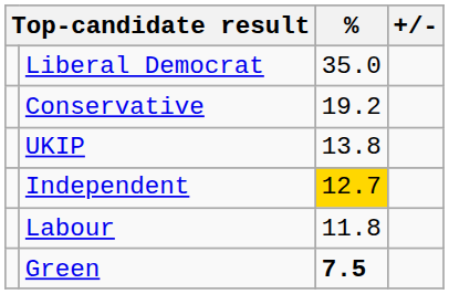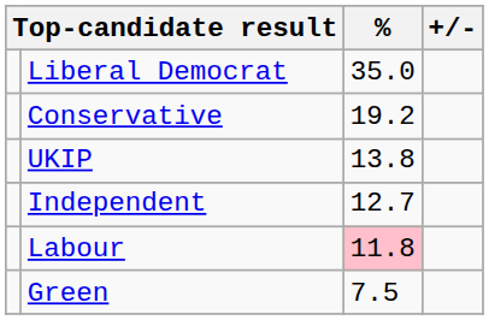 <table class="wikitable">
 <tr>
 <th colspan="2">Top-candidate result</th>
 <th>%</th>
 <th>+/-</th>
 </tr>
 <tr>
 <td style="background-color: "></td>
 <td><a href='#'>Liberal Democrat</a></td>
 <td>35.0</td>
 <td></td>
 </tr>
 <tr>
 <td style="background-color: "></td>
 <td><a href='#'>Conservative</a></td>
 <td>19.2</td>
 <td></td>
 </tr>
 <tr>
 <td style="background-color: "></td>
 <td><a href='#'>UKIP</a></td>
 <td>13.8</td>
 <td></td>
 </tr>
 <tr>
 <td style="background-color: "></td>
 <td><a href='#'>Independent</a></td>
-<td style="background: gold;">12.7</td>
+<td>12.7</td>
 <td></td>
 </tr>
 <tr>
 <td style="background-color: "></td>
 <td><a href='#'>Labour</a></td>
-<td>11.8</td>
+<td style="background: pink;">11.8</td>
 <td></td>
 </tr>
 <tr>
 <td style="background-color: "></td>
 <td><a href='#'>Green</a></td>
-<td><strong>7.5</strong></td>
+<td>7.5</td>
 <td></td>
 </tr>
 </table>
